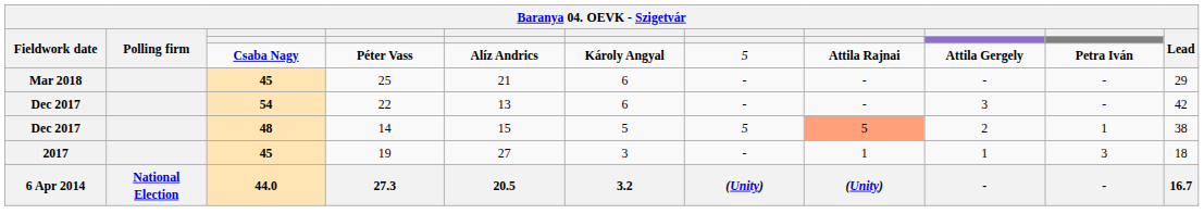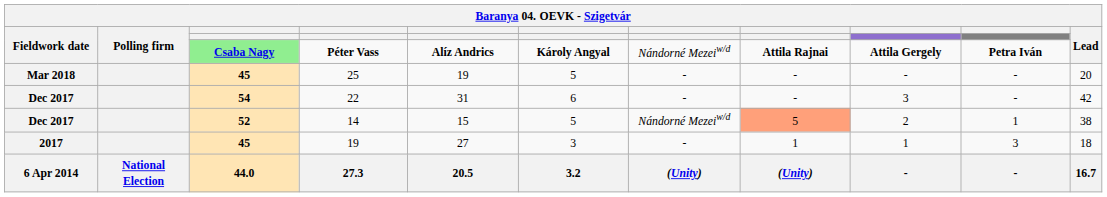 <table class="wikitable mw-collapsible mw-collapsed" style="text-align:center">
 <tr>
 <th colspan="11" style="width: 980pt;"><small><a href='#'>Baranya</a> 04.</small> <small>OEVK - <a href='#'>Szigetvár</a></small></th>
 </tr>
 <tr>
 <th rowspan="3" style="width: 80pt;"><small>Fieldwork</small> <small>date</small></th>
 <th rowspan="3" style="width: 80pt;"><strong><small>Polling</small> <small>firm</small></strong></th>
 <th style="width: 100pt;"><small></small></th>
 <th style="width: 100pt;"><small> </small></th>
 <th style="width: 100pt;"></th>
 <th style="width: 100pt;"></th>
 <th style="width: 100pt;"></th>
 <th style="width: 100pt;"></th>
 <th style="width: 100pt;"></th>
 <th style="width: 100pt;"></th>
 <th rowspan="3" style="width: 20pt;"><small>Lead</small></th>
 </tr>
 <tr>
 <th style="color:inherit;background:"></th>
 <th style="color:inherit;background:"></th>
 <th style="color:inherit;background:"></th>
 <th style="color:inherit;background:"></th>
 <th style="color:inherit;background:"></th>
 <th style="color:inherit;background:"></th>
 <th style="color:inherit;background:#8E6FCE;"></th>
 <th style="color:inherit;background:#808080;"></th>
 </tr>
 <tr>
-<td><small><strong><a href='#'>Csaba Nagy</a></strong></small></td>
+<td style="background: lightgreen;"><small><strong><a href='#'>Csaba Nagy</a></strong></small></td>
 <td><small><strong>Péter Vass</strong></small></td>
 <td><small><strong>Alíz Andrics</strong></small></td>
 <td><small><strong>Károly Angyal</strong></small></td>
-<td><small><em>5</em></small></td>
+<td><small><em>Nándorné Mezei<sup>w/d</sup></em></small></td>
 <td><small><strong>Attila Rajnai</strong></small></td>
 <td><small><strong>Attila Gergely</strong></small></td>
 <td><small><strong>Petra Iván</strong></small></td>
 </tr>
 <tr>
 <th><small>Mar 2018</small></th>
 <th><small></small></th>
 <td style="background:#FFE5B4"><small><strong>45</strong></small></td>
 <td><small>25</small></td>
-<td><small>21</small></td>
-<td><small>6</small></td>
+<td><small>19</small></td>
+<td><small>5</small></td>
 <td><small>-</small></td>
 <td><small>-</small></td>
 <td><small>-</small></td>
 <td><small>-</small></td>
-<td style="background:"><small>29</small></td>
+<td style="background:"><small>20</small></td>
 </tr>
 <tr>
 <th><small>Dec 2017</small></th>
 <th></th>
 <td style="background:#FFE5B4"><small><strong>54</strong></small></td>
 <td><small>22</small></td>
-<td><small>13</small></td>
+<td><small>31</small></td>
 <td><small>6</small></td>
 <td><small><em>-</em></small></td>
 <td><small>-</small></td>
 <td><small>3</small></td>
 <td><small>-</small></td>
 <td style="background:"><small>42</small></td>
 </tr>
 <tr>
 <th><small>Dec 2017</small></th>
 <th></th>
-<td style="background:#FFE5B4"><small><strong>48</strong></small></td>
+<td style="background:#FFE5B4"><small><strong>52</strong></small></td>
 <td><small>14</small></td>
 <td><small>15</small></td>
 <td><small>5</small></td>
-<td><small><em>5</em></small></td>
+<td><small><em>Nándorné Mezei<sup>w/d</sup></em></small></td>
 <td style="background: lightsalmon;"><small>5</small></td>
 <td><small>2</small></td>
 <td><small>1</small></td>
 <td style="background:"><small>38</small></td>
 </tr>
 <tr>
 <th><small>2017</small></th>
 <th><small></small></th>
 <td style="background:#FFE5B4"><small><strong>45</strong></small></td>
 <td><small>19</small></td>
 <td><small>27</small></td>
 <td><small>3</small></td>
 <td><small>-</small></td>
 <td><small>1</small></td>
 <td><small>1</small></td>
 <td><small>3</small></td>
 <td style="background:"><small>18</small></td>
 </tr>
 <tr>
 <th><small>6 Apr 2014</small></th>
 <th><a href='#'><small>National Election</small></a></th>
 <th style="background:#FFE5B4"><small><strong>44.0</strong></small></th>
 <th><small>27.3</small></th>
 <th><small>20.5</small></th>
 <th><small>3.2</small></th>
 <th><small><em>(<a href='#'>Unity</a>)</em></small></th>
 <th><small><em>(<a href='#'>Unity</a>)</em></small></th>
 <th><small>-</small></th>
 <th><small>-</small></th>
 <th style="background:"><small>16.7</small></th>
 </tr>
 </table>
